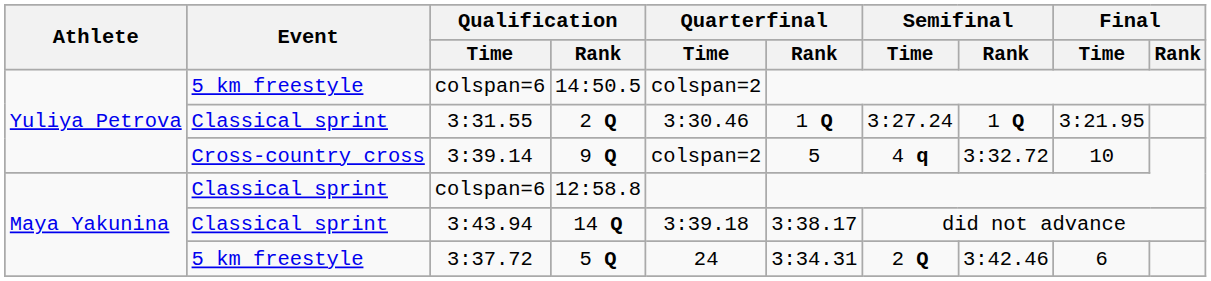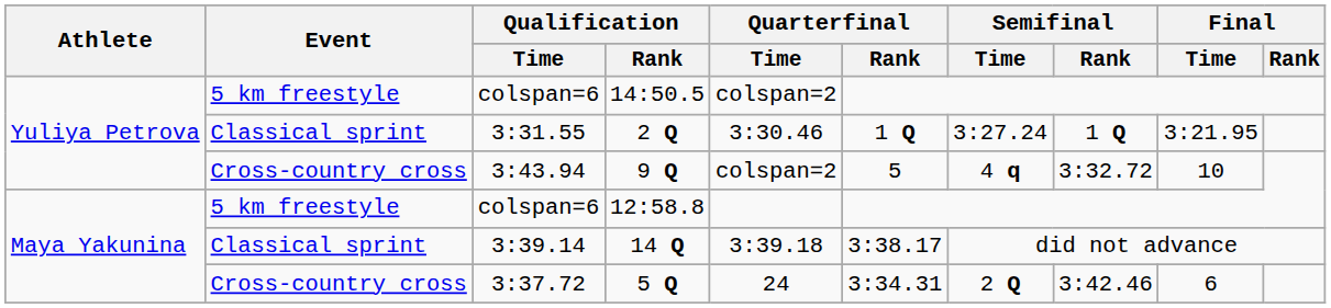 <table class="wikitable" style="font-size:90%">
 <tr>
 <th rowspan=2>Athlete</th>
 <th rowspan=2>Event</th>
 <th colspan=2>Qualification</th>
 <th colspan=2>Quarterfinal</th>
 <th colspan=2>Semifinal</th>
 <th colspan=2>Final</th>
 </tr>
 <tr style="font-size:95%">
 <th>Time</th>
 <th>Rank</th>
 <th>Time</th>
 <th>Rank</th>
 <th>Time</th>
 <th>Rank</th>
 <th>Time</th>
 <th>Rank</th>
 </tr>
 <tr align=center>
 <td align=left rowspan=3><a href='#'>Yuliya Petrova</a></td>
 <td align=left><a href='#'>5 km freestyle</a></td>
 <td>colspan=6 </td>
 <td>14:50.5</td>
 <td>colspan=2 </td>
 </tr>
 <tr align=center>
 <td align=left><a href='#'>Classical sprint</a></td>
 <td>3:31.55</td>
 <td>2 <strong>Q</strong></td>
 <td>3:30.46</td>
 <td>1 <strong>Q</strong></td>
 <td>3:27.24</td>
 <td>1 <strong>Q</strong></td>
 <td>3:21.95</td>
 <td></td>
 </tr>
 <tr align=center>
 <td align=left><a href='#'>Cross-country cross</a></td>
-<td>3:39.14</td>
+<td>3:43.94</td>
 <td>9 <strong>Q</strong></td>
 <td>colspan=2 </td>
 <td>5</td>
 <td>4 <strong>q</strong></td>
 <td>3:32.72</td>
 <td>10</td>
 </tr>
 <tr align=center>
 <td align=left rowspan=3><a href='#'>Maya Yakunina</a></td>
-<td align=left><a href='#'>Classical sprint</a></td>
+<td align=left><a href='#'>5 km freestyle</a></td>
 <td>colspan=6 </td>
 <td>12:58.8</td>
 <td></td>
 </tr>
 <tr align=center>
 <td align=left><a href='#'>Classical sprint</a></td>
-<td>3:43.94</td>
+<td>3:39.14</td>
 <td>14 <strong>Q</strong></td>
 <td>3:39.18</td>
 <td>3:38.17</td>
 <td colspan=4>did not advance</td>
 </tr>
 <tr align=center>
-<td align=left><a href='#'>5 km freestyle</a></td>
+<td align=left><a href='#'>Cross-country cross</a></td>
 <td>3:37.72</td>
 <td>5 <strong>Q</strong></td>
 <td>24</td>
 <td>3:34.31</td>
 <td>2 <strong>Q</strong></td>
 <td>3:42.46</td>
 <td>6</td>
 </tr>
 </table>
